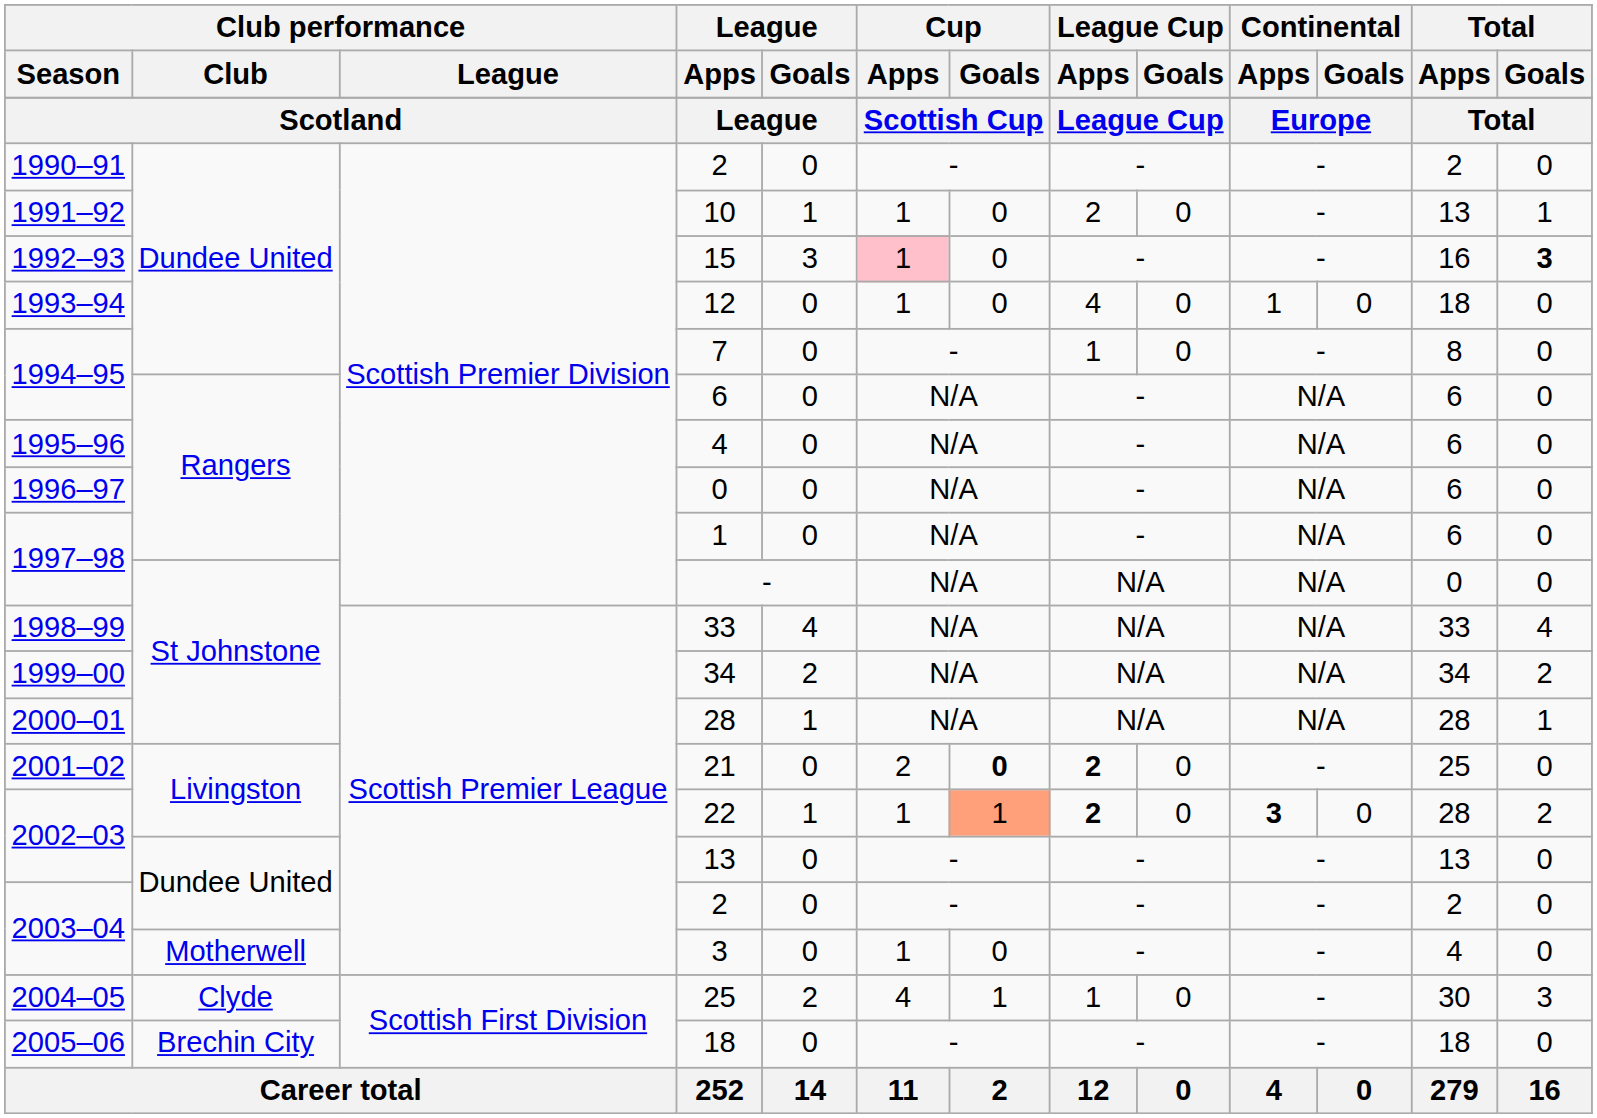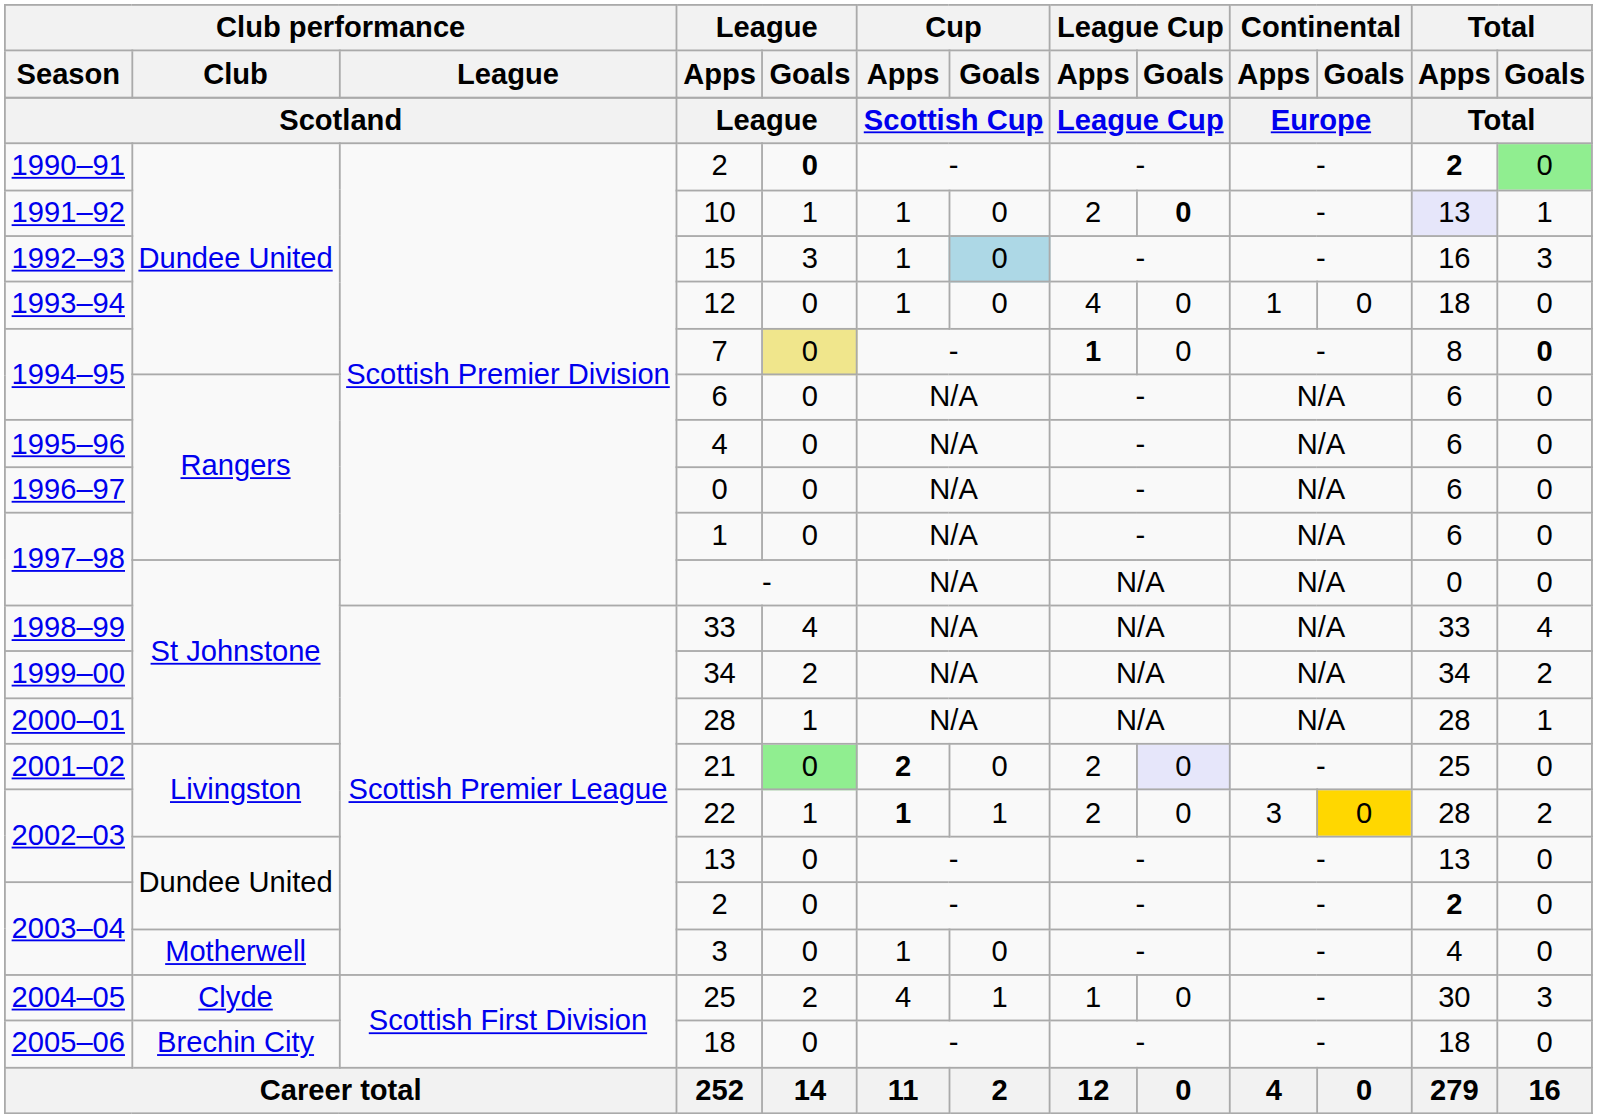 <table class="wikitable" style="text-align:center">
 <tr>
 <th colspan=3>Club performance</th>
 <th colspan=2>League</th>
 <th colspan=2>Cup</th>
 <th colspan=2>League Cup</th>
 <th colspan=2>Continental</th>
 <th colspan=2>Total</th>
 </tr>
 <tr>
 <th>Season</th>
 <th>Club</th>
 <th>League</th>
 <th>Apps</th>
 <th>Goals</th>
 <th>Apps</th>
 <th>Goals</th>
 <th>Apps</th>
 <th>Goals</th>
 <th>Apps</th>
 <th>Goals</th>
 <th>Apps</th>
 <th>Goals</th>
 </tr>
 <tr>
 </tr>
 <tr>
 <th colspan=3>Scotland</th>
 <th colspan=2>League</th>
 <th colspan=2><a href='#'>Scottish Cup</a></th>
 <th colspan=2><a href='#'>League Cup</a></th>
 <th colspan=2><a href='#'>Europe</a></th>
 <th colspan=2>Total</th>
 </tr>
 <tr>
 <td><a href='#'>1990–91</a></td>
 <td rowspan="5"><a href='#'>Dundee United</a></td>
 <td rowspan="10"><a href='#'>Scottish Premier Division</a></td>
 <td>2</td>
-<td>0</td>
+<td><strong>0</strong></td>
 <td colspan="2">-</td>
 <td colspan="2">-</td>
 <td colspan="2">-</td>
-<td>2</td>
-<td>0</td>
+<td><strong>2</strong></td>
+<td style="background: lightgreen;">0</td>
 </tr>
 <tr>
 <td><a href='#'>1991–92</a></td>
 <td>10</td>
 <td>1</td>
 <td>1</td>
 <td>0</td>
 <td>2</td>
-<td>0</td>
+<td><strong>0</strong></td>
 <td colspan="2">-</td>
-<td>13</td>
+<td style="background: lavender;">13</td>
 <td>1</td>
 </tr>
 <tr>
 <td><a href='#'>1992–93</a></td>
 <td>15</td>
 <td>3</td>
-<td style="background: pink;">1</td>
-<td>0</td>
+<td>1</td>
+<td style="background: lightblue;">0</td>
 <td colspan="2">-</td>
 <td colspan="2">-</td>
 <td>16</td>
-<td><strong>3</strong></td>
+<td>3</td>
 </tr>
 <tr>
 <td><a href='#'>1993–94</a></td>
 <td>12</td>
 <td>0</td>
 <td>1</td>
 <td>0</td>
 <td>4</td>
 <td>0</td>
 <td>1</td>
 <td>0</td>
 <td>18</td>
 <td>0</td>
 </tr>
 <tr>
 <td rowspan="2"><a href='#'>1994–95</a></td>
 <td>7</td>
-<td>0</td>
+<td style="background: khaki;">0</td>
 <td colspan="2">-</td>
-<td>1</td>
+<td><strong>1</strong></td>
 <td>0</td>
 <td colspan="2">-</td>
 <td>8</td>
-<td>0</td>
+<td><strong>0</strong></td>
 </tr>
 <tr>
 <td rowspan="4"><a href='#'>Rangers</a></td>
 <td>6</td>
 <td>0</td>
 <td colspan="2">N/A</td>
 <td colspan="2">-</td>
 <td colspan="2">N/A</td>
 <td>6</td>
 <td>0</td>
 </tr>
 <tr>
 <td><a href='#'>1995–96</a></td>
 <td>4</td>
 <td>0</td>
 <td colspan="2">N/A</td>
 <td colspan="2">-</td>
 <td colspan="2">N/A</td>
 <td>6</td>
 <td>0</td>
 </tr>
 <tr>
 <td><a href='#'>1996–97</a></td>
 <td>0</td>
 <td>0</td>
 <td colspan="2">N/A</td>
 <td colspan="2">-</td>
 <td colspan="2">N/A</td>
 <td>6</td>
 <td>0</td>
 </tr>
 <tr>
 <td rowspan="2"><a href='#'>1997–98</a></td>
 <td>1</td>
 <td>0</td>
 <td colspan="2">N/A</td>
 <td colspan="2">-</td>
 <td colspan="2">N/A</td>
 <td>6</td>
 <td>0</td>
 </tr>
 <tr>
 <td rowspan="4"><a href='#'>St Johnstone</a></td>
 <td colspan="2">-</td>
 <td colspan="2">N/A</td>
 <td colspan="2">N/A</td>
 <td colspan="2">N/A</td>
 <td>0</td>
 <td>0</td>
 </tr>
 <tr>
 <td><a href='#'>1998–99</a></td>
 <td rowspan="8"><a href='#'>Scottish Premier League</a></td>
 <td>33</td>
 <td>4</td>
 <td colspan="2">N/A</td>
 <td colspan="2">N/A</td>
 <td colspan="2">N/A</td>
 <td>33</td>
 <td>4</td>
 </tr>
 <tr>
 <td><a href='#'>1999–00</a></td>
 <td>34</td>
 <td>2</td>
 <td colspan="2">N/A</td>
 <td colspan="2">N/A</td>
 <td colspan="2">N/A</td>
 <td>34</td>
 <td>2</td>
 </tr>
 <tr>
 <td><a href='#'>2000–01</a></td>
 <td>28</td>
 <td>1</td>
 <td colspan="2">N/A</td>
 <td colspan="2">N/A</td>
 <td colspan="2">N/A</td>
 <td>28</td>
 <td>1</td>
 </tr>
 <tr>
 <td><a href='#'>2001–02</a></td>
 <td rowspan="2"><a href='#'>Livingston</a></td>
 <td>21</td>
+<td style="background: lightgreen;">0</td>
+<td><strong>2</strong></td>
 <td>0</td>
 <td>2</td>
-<td><strong>0</strong></td>
-<td><strong>2</strong></td>
-<td>0</td>
+<td style="background: lavender;">0</td>
 <td colspan="2">-</td>
 <td>25</td>
 <td>0</td>
 </tr>
 <tr>
 <td rowspan="2"><a href='#'>2002–03</a></td>
 <td>22</td>
 <td>1</td>
+<td><strong>1</strong></td>
 <td>1</td>
-<td style="background: lightsalmon;">1</td>
-<td><strong>2</strong></td>
+<td>2</td>
 <td>0</td>
-<td><strong>3</strong></td>
-<td>0</td>
+<td>3</td>
+<td style="background: gold;">0</td>
 <td>28</td>
 <td>2</td>
 </tr>
 <tr>
 <td rowspan="2">Dundee United</td>
 <td>13</td>
 <td>0</td>
 <td colspan="2">-</td>
 <td colspan="2">-</td>
 <td colspan="2">-</td>
 <td>13</td>
 <td>0</td>
 </tr>
 <tr>
 <td rowspan="2"><a href='#'>2003–04</a></td>
 <td>2</td>
 <td>0</td>
 <td colspan="2">-</td>
 <td colspan="2">-</td>
 <td colspan="2">-</td>
-<td>2</td>
+<td><strong>2</strong></td>
 <td>0</td>
 </tr>
 <tr>
 <td><a href='#'>Motherwell</a></td>
 <td>3</td>
 <td>0</td>
 <td>1</td>
 <td>0</td>
 <td colspan="2">-</td>
 <td colspan="2">-</td>
 <td>4</td>
 <td>0</td>
 </tr>
 <tr>
 <td><a href='#'>2004–05</a></td>
 <td><a href='#'>Clyde</a></td>
 <td rowspan="2"><a href='#'>Scottish First Division</a></td>
 <td>25</td>
 <td>2</td>
 <td>4</td>
 <td>1</td>
 <td>1</td>
 <td>0</td>
 <td colspan="2">-</td>
 <td>30</td>
 <td>3</td>
 </tr>
 <tr>
 <td><a href='#'>2005–06</a></td>
 <td><a href='#'>Brechin City</a></td>
 <td>18</td>
 <td>0</td>
 <td colspan="2">-</td>
 <td colspan="2">-</td>
 <td colspan="2">-</td>
 <td>18</td>
 <td>0</td>
 </tr>
 <tr>
 <th colspan=3>Career total</th>
 <th>252</th>
 <th>14</th>
 <th>11</th>
 <th>2</th>
 <th>12</th>
 <th>0</th>
 <th>4</th>
 <th>0</th>
 <th>279</th>
 <th>16</th>
 </tr>
 </table>
